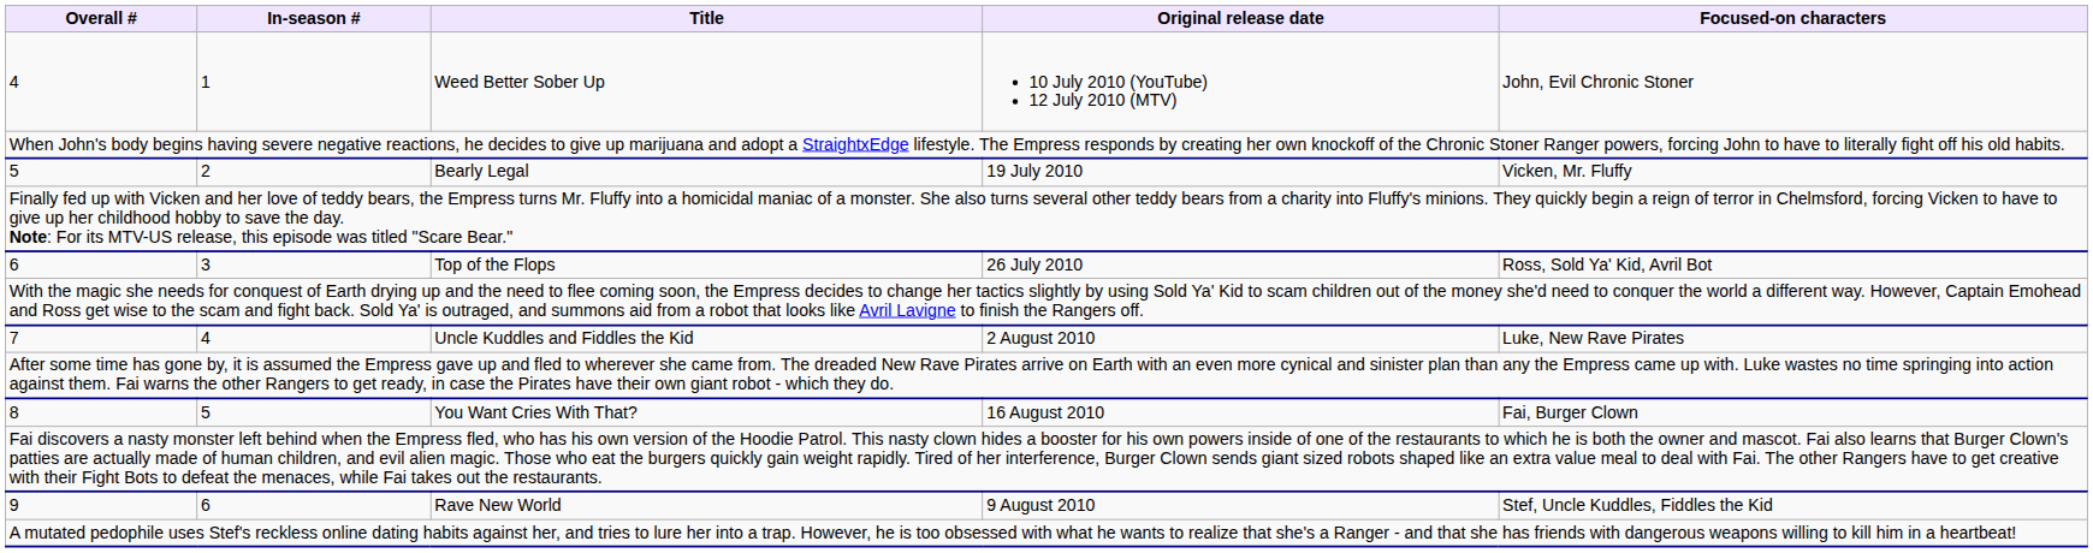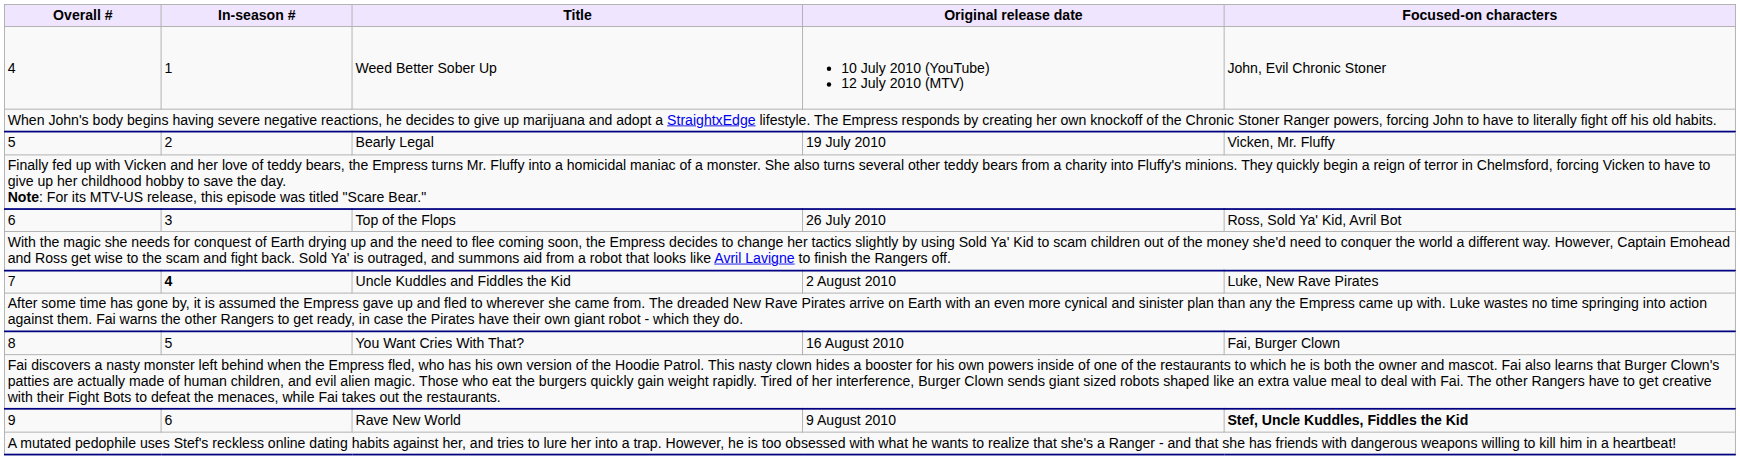 <table class="wikitable">
 <tr>
 <td style="text-align:center; background:#efe5ff;"><strong>Overall #</strong></td>
 <td style="text-align:center; background:#efe5ff;"><strong>In-season #</strong></td>
 <td style="text-align:center; background:#efe5ff;"><strong>Title</strong></td>
 <td style="text-align:center; background:#efe5ff;"><strong>Original release date</strong></td>
 <td style="text-align:center; background:#efe5ff;"><strong>Focused-on characters</strong></td>
 </tr>
 <tr>
 <td class="boxtin">4</td>
 <td>1</td>
 <td>Weed Better Sober Up</td>
 <td><br><ul><li>10 July 2010 (YouTube)</li><li>12 July 2010 (MTV)</li></ul></td>
 <td>John, Evil Chronic Stoner</td>
 </tr>
 <tr>
 <td colspan="5" style="border-bottom:2px solid navy;">When John's body begins having severe negative reactions, he decides to give up marijuana and adopt a <a href='#'>StraightxEdge</a> lifestyle.  The Empress responds by creating her own knockoff of the Chronic Stoner Ranger powers, forcing John to have to literally fight off his old habits.</td>
 </tr>
 <tr>
 <td class="boxtin">5</td>
 <td>2</td>
 <td>Bearly Legal</td>
 <td>19 July 2010</td>
 <td>Vicken, Mr. Fluffy</td>
 </tr>
 <tr>
 <td colspan="5" style="border-bottom:2px solid navy;">Finally fed up with Vicken and her love of teddy bears, the Empress turns Mr. Fluffy into a homicidal maniac of a monster.  She also turns several other teddy bears from a charity into Fluffy's minions.  They quickly begin a reign of terror in Chelmsford, forcing Vicken to have to give up her childhood hobby to save the day.<br><strong>Note</strong>: For its MTV-US release, this episode was titled "Scare Bear."</td>
 </tr>
 <tr>
 <td class="boxtin">6</td>
 <td>3</td>
 <td>Top of the Flops</td>
 <td>26 July 2010</td>
 <td>Ross, Sold Ya' Kid, Avril Bot</td>
 </tr>
 <tr>
 <td colspan="5" style="border-bottom:2px solid navy;">With the magic she needs for conquest of Earth drying up and the need to flee coming soon, the Empress decides to change her tactics slightly by using Sold Ya' Kid to scam children out of the money she'd need to conquer the world a different way.  However, Captain Emohead and Ross get wise to the scam and fight back.  Sold Ya' is outraged, and summons aid from a robot that looks like <a href='#'>Avril Lavigne</a> to finish the Rangers off.</td>
 </tr>
 <tr>
 <td class="boxtin">7</td>
-<td>4</td>
+<td><strong>4</strong></td>
 <td>Uncle Kuddles and Fiddles the Kid</td>
 <td>2 August 2010</td>
 <td>Luke, New Rave Pirates</td>
 </tr>
 <tr>
 <td colspan="5" style="border-bottom:2px solid navy;">After some time has gone by, it is assumed the Empress gave up and fled to wherever she came from.  The dreaded New Rave Pirates arrive on Earth with an even more cynical and sinister plan than any the Empress came up with.  Luke wastes no time springing into action against them.  Fai warns the other Rangers to get ready, in case the Pirates have their own giant robot - which they do.</td>
 </tr>
 <tr>
 <td class="boxtin">8</td>
 <td>5</td>
 <td>You Want Cries With That?</td>
 <td>16 August 2010</td>
 <td>Fai, Burger Clown</td>
 </tr>
 <tr>
 <td colspan="5" style="border-bottom:2px solid navy;">Fai discovers a nasty monster left behind when the Empress fled, who has his own version of the Hoodie Patrol.  This nasty clown hides a booster for his own powers inside of one of the restaurants to which he is both the owner and mascot.  Fai also learns that Burger Clown's patties are actually made of human children, and evil alien magic.  Those who eat the burgers quickly gain weight rapidly.  Tired of her interference, Burger Clown sends giant sized robots shaped like an extra value meal to deal with Fai.  The other Rangers have to get creative with their Fight Bots to defeat the menaces, while Fai takes out the restaurants.</td>
 </tr>
 <tr>
 <td class="boxtin">9</td>
 <td>6</td>
 <td>Rave New World</td>
 <td>9 August 2010</td>
-<td>Stef, Uncle Kuddles, Fiddles the Kid</td>
+<td><strong>Stef, Uncle Kuddles, Fiddles the Kid</strong></td>
 </tr>
 <tr>
 <td colspan="5" style="border-bottom:2px solid navy;">A mutated pedophile uses Stef's reckless online dating habits against her, and tries to lure her into a trap.  However, he is too obsessed with what he wants to realize that she's a Ranger - and that she has friends with dangerous weapons willing to kill him in a heartbeat!</td>
 </tr>
 </table>
